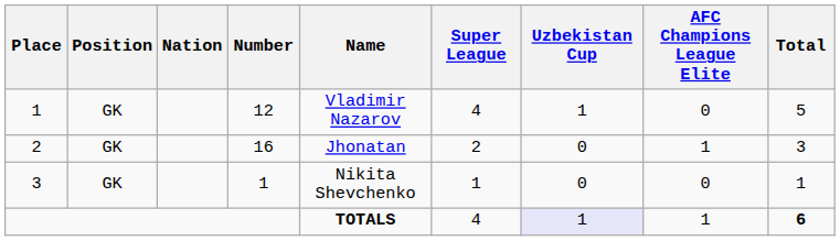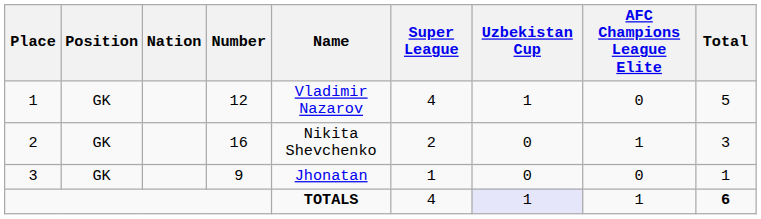 <table class="wikitable" style="font-size: 95%; text-align: center;">
 <tr>
 <th width=60>Place</th>
 <th width=60>Position</th>
 <th width=60>Nation</th>
 <th width=60>Number</th>
 <th width=200>Name</th>
 <th width=150><a href='#'>Super League</a></th>
 <th width=150><a href='#'>Uzbekistan Cup</a></th>
 <th width=200><a href='#'>AFC Champions League Elite</a></th>
 <th width=80><strong>Total</strong></th>
 </tr>
 <tr>
 <td>1</td>
 <td>GK</td>
 <td></td>
 <td>12</td>
 <td><a href='#'>Vladimir Nazarov</a></td>
 <td>4</td>
 <td>1</td>
 <td>0</td>
 <td>5</td>
 </tr>
 <tr>
 <td>2</td>
 <td>GK</td>
 <td></td>
 <td>16</td>
-<td><a href='#'>Jhonatan</a></td>
+<td>Nikita Shevchenko</td>
 <td>2</td>
 <td>0</td>
 <td>1</td>
 <td>3</td>
 </tr>
 <tr>
 <td>3</td>
 <td>GK</td>
 <td></td>
-<td>1</td>
-<td>Nikita Shevchenko</td>
+<td>9</td>
+<td><a href='#'>Jhonatan</a></td>
 <td>1</td>
 <td>0</td>
 <td>0</td>
 <td>1</td>
 </tr>
 <tr>
 <td colspan="4"></td>
 <td><strong>TOTALS</strong></td>
 <td>4</td>
 <td style="background: lavender;">1</td>
 <td>1</td>
 <td><strong>6</strong></td>
 </tr>
 </table>
